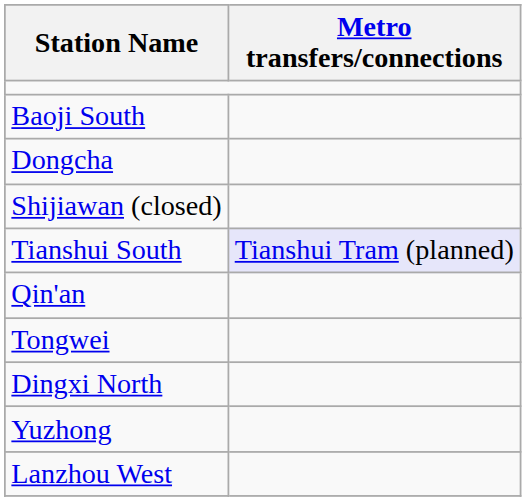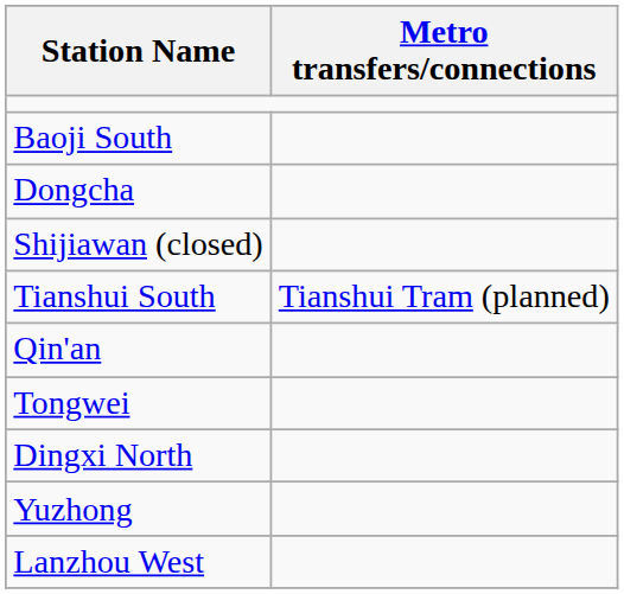 <table class="wikitable">
 <tr>
 <th>Station Name<br> </th>
 <th><a href='#'>Metro</a><br>transfers/connections<br> </th>
 </tr>
 <tr style="background:#">
 <td colspan = "11"></td>
 </tr>
 <tr>
 <td><a href='#'>Baoji South</a></td>
 <td></td>
 </tr>
 <tr>
 <td><a href='#'>Dongcha</a></td>
 <td></td>
 </tr>
 <tr>
 <td><a href='#'>Shijiawan</a> (closed)</td>
 <td></td>
 </tr>
 <tr>
 <td><a href='#'>Tianshui South</a></td>
-<td style="background: lavender;"><a href='#'>Tianshui Tram</a> (planned)</td>
+<td><a href='#'>Tianshui Tram</a> (planned)</td>
 </tr>
 <tr>
 <td><a href='#'>Qin'an</a></td>
 <td></td>
 </tr>
 <tr>
 <td><a href='#'>Tongwei</a></td>
 <td></td>
 </tr>
 <tr>
 <td><a href='#'>Dingxi North</a></td>
 <td></td>
 </tr>
 <tr>
 <td><a href='#'>Yuzhong</a></td>
 <td></td>
 </tr>
 <tr>
 <td><a href='#'>Lanzhou West</a></td>
 <td> </td>
 </tr>
 </table>
